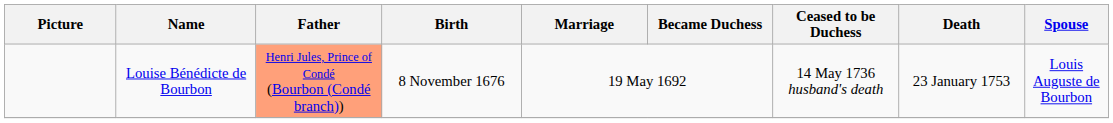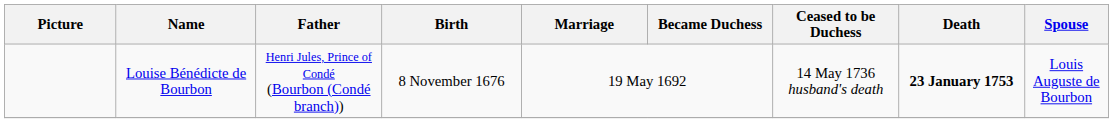 <table width=95% class="wikitable">
 <tr>
 <th width = "8%">Picture</th>
 <th width = "10%">Name</th>
 <th width = "9%">Father</th>
 <th width = "10%">Birth</th>
 <th width = "9%">Marriage</th>
 <th width = "9%">Became Duchess</th>
 <th width = "9%">Ceased to be Duchess</th>
 <th width = "9%">Death</th>
 <th width = "6%"><a href='#'>Spouse</a></th>
 </tr>
 <tr>
 <td align="center"></td>
 <td align="center"><a href='#'>Louise Bénédicte de Bourbon</a></td>
-<td align="center" style="background: lightsalmon;"><small><a href='#'>Henri Jules, Prince of Condé</a></small><br>(<a href='#'>Bourbon (Condé branch)</a>)</td>
+<td align="center"><small><a href='#'>Henri Jules, Prince of Condé</a></small><br>(<a href='#'>Bourbon (Condé branch)</a>)</td>
 <td align="center">8 November 1676</td>
 <td align="center" colspan="2">19 May 1692</td>
 <td align="center">14 May 1736<br><em>husband's death</em></td>
-<td align="center">23 January 1753</td>
+<td align="center"><strong>23 January 1753</strong></td>
 <td align="center"><a href='#'>Louis Auguste de Bourbon</a></td>
 </tr>
 <tr>
 </tr>
 </table>
